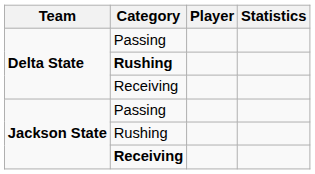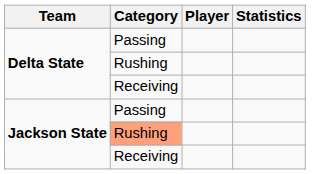 <table class="wikitable" style="float: left;">
 <tr>
 <th>Team</th>
 <th>Category</th>
 <th>Player</th>
 <th>Statistics</th>
 </tr>
 <tr>
 <td rowspan=3><strong>Delta State</strong></td>
 <td>Passing</td>
 <td></td>
 <td> </td>
 </tr>
 <tr>
-<td><strong>Rushing</strong></td>
+<td>Rushing</td>
 <td></td>
 <td> </td>
 </tr>
 <tr>
 <td>Receiving</td>
 <td></td>
 <td> </td>
 </tr>
 <tr>
 <td rowspan=3><strong>Jackson State</strong></td>
 <td>Passing</td>
 <td></td>
 <td> </td>
 </tr>
 <tr>
-<td>Rushing</td>
+<td style="background: lightsalmon;">Rushing</td>
 <td></td>
 <td> </td>
 </tr>
 <tr>
-<td><strong>Receiving</strong></td>
+<td>Receiving</td>
 <td></td>
 <td> </td>
 </tr>
 </table>
